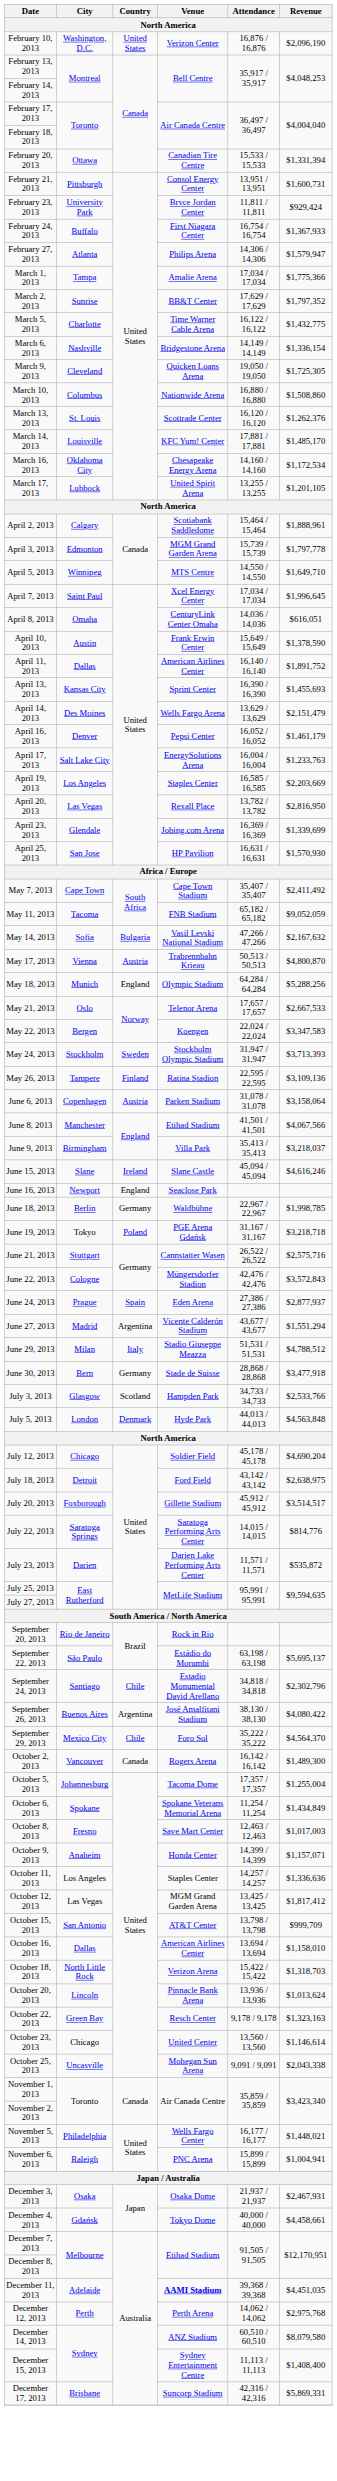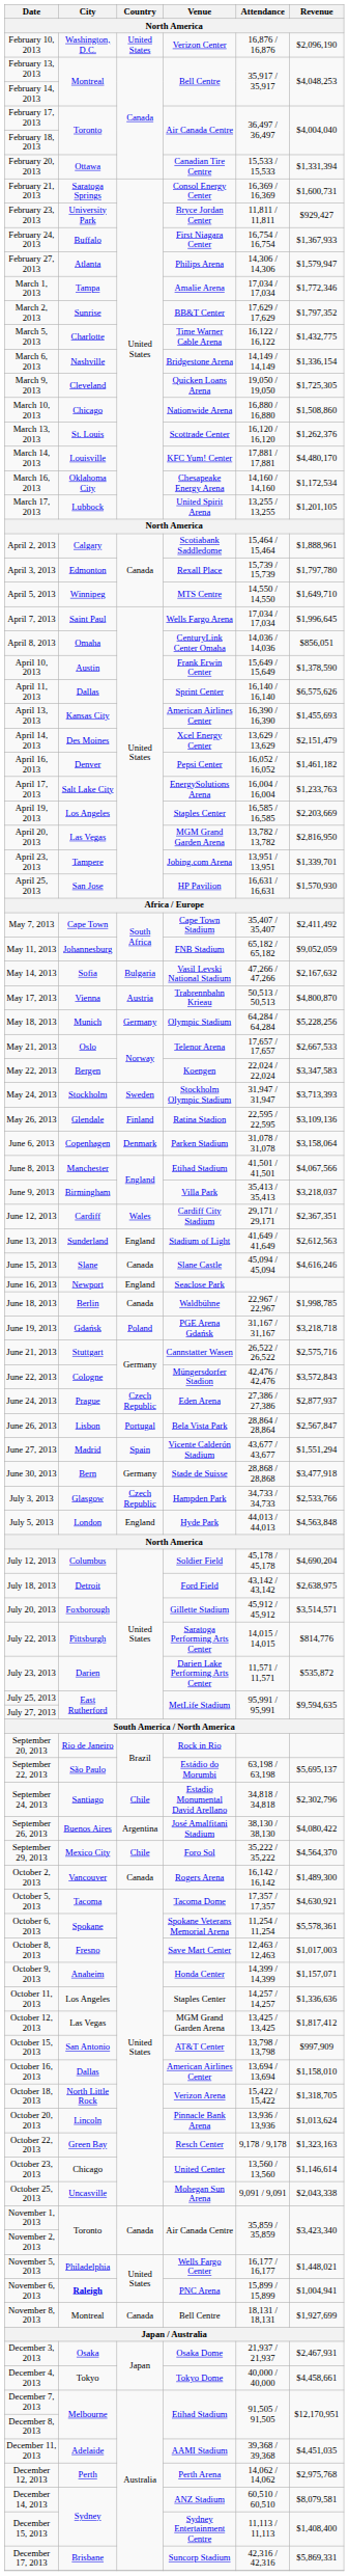 <table class="wikitable" style="text-align:center;">
 <tr>
 <th scope="col" style="width:15em;">Date</th>
 <th scope="col" style="width:10em;">City</th>
 <th scope="col" style="width:10em;">Country</th>
 <th scope="col" style="width:15em;">Venue</th>
 <th scope="col" style="width:10em;">Attendance</th>
 <th scope="col" style="width:10em;">Revenue</th>
 </tr>
 <tr>
 <th colspan="6"><strong>North America</strong></th>
 </tr>
 <tr>
 <td>February 10, 2013</td>
 <td><a href='#'>Washington, D.C.</a></td>
 <td><a href='#'>United States</a></td>
 <td><a href='#'>Verizon Center</a></td>
 <td>16,876 / 16,876</td>
 <td>$2,096,190</td>
 </tr>
 <tr>
 <td>February 13, 2013</td>
 <td rowspan="2"><a href='#'>Montreal</a></td>
 <td rowspan="5"><a href='#'>Canada</a></td>
 <td rowspan="2"><a href='#'>Bell Centre</a></td>
 <td rowspan="2">35,917 / 35,917</td>
 <td rowspan="2">$4,048,253</td>
 </tr>
 <tr>
 <td>February 14, 2013</td>
 </tr>
 <tr>
 <td>February 17, 2013</td>
 <td rowspan="2"><a href='#'>Toronto</a></td>
 <td rowspan="2"><a href='#'>Air Canada Centre</a></td>
 <td rowspan="2">36,497 / 36,497</td>
 <td rowspan="2">$4,004,040</td>
 </tr>
 <tr>
 <td>February 18, 2013</td>
 </tr>
 <tr>
 <td>February 20, 2013</td>
 <td><a href='#'>Ottawa</a></td>
 <td><a href='#'>Canadian Tire Centre</a></td>
 <td>15,533 / 15,533</td>
 <td>$1,331,394</td>
 </tr>
 <tr>
 <td>February 21, 2013</td>
-<td><a href='#'>Pittsburgh</a></td>
+<td><a href='#'>Saratoga Springs</a></td>
 <td rowspan="14">United States</td>
 <td><a href='#'>Consol Energy Center</a></td>
-<td>13,951 / 13,951</td>
+<td>16,369 / 16,369</td>
 <td>$1,600,731</td>
 </tr>
 <tr>
 <td>February 23, 2013</td>
 <td><a href='#'>University Park</a></td>
 <td><a href='#'>Bryce Jordan Center</a></td>
 <td>11,811 / 11,811</td>
-<td>$929,424</td>
+<td>$929,427</td>
 </tr>
 <tr>
 <td>February 24, 2013</td>
 <td><a href='#'>Buffalo</a></td>
 <td><a href='#'>First Niagara Center</a></td>
 <td>16,754 / 16,754</td>
 <td>$1,367,933</td>
 </tr>
 <tr>
 <td>February 27, 2013</td>
 <td><a href='#'>Atlanta</a></td>
 <td><a href='#'>Philips Arena</a></td>
 <td>14,306 / 14,306</td>
 <td>$1,579,947</td>
 </tr>
 <tr>
 <td>March 1, 2013</td>
 <td><a href='#'>Tampa</a></td>
 <td><a href='#'>Amalie Arena</a></td>
 <td>17,034 / 17,034</td>
-<td>$1,775,366</td>
+<td>$1,772,346</td>
 </tr>
 <tr>
 <td>March 2, 2013</td>
 <td><a href='#'>Sunrise</a></td>
 <td><a href='#'>BB&T Center</a></td>
 <td>17,629 / 17,629</td>
 <td>$1,797,352</td>
 </tr>
 <tr>
 <td>March 5, 2013</td>
 <td><a href='#'>Charlotte</a></td>
 <td><a href='#'>Time Warner Cable Arena</a></td>
 <td>16,122 / 16,122</td>
 <td>$1,432,775</td>
 </tr>
 <tr>
 <td>March 6, 2013</td>
 <td><a href='#'>Nashville</a></td>
 <td><a href='#'>Bridgestone Arena</a></td>
 <td>14,149 / 14,149</td>
 <td>$1,336,154</td>
 </tr>
 <tr>
 <td>March 9, 2013</td>
 <td><a href='#'>Cleveland</a></td>
 <td><a href='#'>Quicken Loans Arena</a></td>
 <td>19,050 / 19,050</td>
 <td>$1,725,305</td>
 </tr>
 <tr>
 <td>March 10, 2013</td>
-<td><a href='#'>Columbus</a></td>
+<td><a href='#'>Chicago</a></td>
 <td><a href='#'>Nationwide Arena</a></td>
 <td>16,880 / 16,880</td>
 <td>$1,508,860</td>
 </tr>
 <tr>
 <td>March 13, 2013</td>
 <td><a href='#'>St. Louis</a></td>
 <td><a href='#'>Scottrade Center</a></td>
 <td>16,120 / 16,120</td>
 <td>$1,262,376</td>
 </tr>
 <tr>
 <td>March 14, 2013</td>
 <td><a href='#'>Louisville</a></td>
 <td><a href='#'>KFC Yum! Center</a></td>
 <td>17,881 / 17,881</td>
-<td>$1,485,170</td>
+<td>$4,480,170</td>
 </tr>
 <tr>
 <td>March 16, 2013</td>
 <td><a href='#'>Oklahoma City</a></td>
 <td><a href='#'>Chesapeake Energy Arena</a></td>
 <td>14,160 / 14,160</td>
 <td>$1,172,534</td>
 </tr>
 <tr>
 <td>March 17, 2013</td>
 <td><a href='#'>Lubbock</a></td>
 <td><a href='#'>United Spirit Arena</a></td>
 <td>13,255 / 13,255</td>
 <td>$1,201,105</td>
 </tr>
 <tr>
 <th colspan="6"><strong>North America</strong></th>
 </tr>
 <tr>
 <td>April 2, 2013</td>
 <td><a href='#'>Calgary</a></td>
 <td rowspan="3">Canada</td>
 <td><a href='#'>Scotiabank Saddledome</a></td>
 <td>15,464 / 15,464</td>
 <td>$1,888,961</td>
 </tr>
 <tr>
 <td>April 3, 2013</td>
 <td><a href='#'>Edmonton</a></td>
-<td><a href='#'>MGM Grand Garden Arena</a></td>
+<td><a href='#'>Rexall Place</a></td>
 <td>15,739 / 15,739</td>
-<td>$1,797,778</td>
+<td>$1,797,780</td>
 </tr>
 <tr>
 <td>April 5, 2013</td>
 <td><a href='#'>Winnipeg</a></td>
 <td><a href='#'>MTS Centre</a></td>
 <td>14,550 / 14,550</td>
 <td>$1,649,710</td>
 </tr>
 <tr>
 <td>April 7, 2013</td>
 <td><a href='#'>Saint Paul</a></td>
 <td rowspan="12">United States</td>
-<td><a href='#'>Xcel Energy Center</a></td>
+<td><a href='#'>Wells Fargo Arena</a></td>
 <td>17,034 / 17,034</td>
 <td>$1,996,645</td>
 </tr>
 <tr>
 <td>April 8, 2013</td>
 <td><a href='#'>Omaha</a></td>
 <td><a href='#'>CenturyLink Center Omaha</a></td>
 <td>14,036 / 14,036</td>
-<td>$616,051</td>
+<td>$856,051</td>
 </tr>
 <tr>
 <td>April 10, 2013</td>
 <td><a href='#'>Austin</a></td>
 <td><a href='#'>Frank Erwin Center</a></td>
 <td>15,649 / 15,649</td>
 <td>$1,378,590</td>
 </tr>
 <tr>
 <td>April 11, 2013</td>
 <td><a href='#'>Dallas</a></td>
-<td><a href='#'>American Airlines Center</a></td>
+<td><a href='#'>Sprint Center</a></td>
 <td>16,140 / 16,140</td>
-<td>$1,891,752</td>
+<td>$6,575,626</td>
 </tr>
 <tr>
 <td>April 13, 2013</td>
 <td><a href='#'>Kansas City</a></td>
-<td><a href='#'>Sprint Center</a></td>
+<td><a href='#'>American Airlines Center</a></td>
 <td>16,390 / 16,390</td>
 <td>$1,455,693</td>
 </tr>
 <tr>
 <td>April 14, 2013</td>
 <td><a href='#'>Des Moines</a></td>
-<td><a href='#'>Wells Fargo Arena</a></td>
+<td><a href='#'>Xcel Energy Center</a></td>
 <td>13,629 / 13,629</td>
 <td>$2,151,479</td>
 </tr>
 <tr>
 <td>April 16, 2013</td>
 <td><a href='#'>Denver</a></td>
 <td><a href='#'>Pepsi Center</a></td>
 <td>16,052 / 16,052</td>
-<td>$1,461,179</td>
+<td>$1,461,182</td>
 </tr>
 <tr>
 <td>April 17, 2013</td>
 <td><a href='#'>Salt Lake City</a></td>
 <td><a href='#'>EnergySolutions Arena</a></td>
 <td>16,004 / 16,004</td>
 <td>$1,233,763</td>
 </tr>
 <tr>
 <td>April 19, 2013</td>
 <td><a href='#'>Los Angeles</a></td>
 <td><a href='#'>Staples Center</a></td>
 <td>16,585 / 16,585</td>
 <td>$2,203,669</td>
 </tr>
 <tr>
 <td>April 20, 2013</td>
 <td><a href='#'>Las Vegas</a></td>
-<td><a href='#'>Rexall Place</a></td>
+<td><a href='#'>MGM Grand Garden Arena</a></td>
 <td>13,782 / 13,782</td>
 <td>$2,816,950</td>
 </tr>
 <tr>
 <td>April 23, 2013</td>
-<td><a href='#'>Glendale</a></td>
+<td><a href='#'>Tampere</a></td>
 <td><a href='#'>Jobing.com Arena</a></td>
-<td>16,369 / 16,369</td>
-<td>$1,339,699</td>
+<td>13,951 / 13,951</td>
+<td>$1,339,701</td>
 </tr>
 <tr>
 <td>April 25, 2013</td>
 <td><a href='#'>San Jose</a></td>
 <td><a href='#'>HP Pavilion</a></td>
 <td>16,631 / 16,631</td>
 <td>$1,570,930</td>
 </tr>
 <tr>
 <th colspan="6"><strong>Africa / Europe</strong></th>
 </tr>
 <tr>
 <td>May 7, 2013</td>
 <td><a href='#'>Cape Town</a></td>
 <td rowspan="2"><a href='#'>South Africa</a></td>
 <td><a href='#'>Cape Town Stadium</a></td>
 <td>35,407 / 35,407</td>
 <td>$2,411,492</td>
 </tr>
 <tr>
 <td>May 11, 2013</td>
-<td><a href='#'>Tacoma</a></td>
+<td><a href='#'>Johannesburg</a></td>
 <td><a href='#'>FNB Stadium</a></td>
 <td>65,182 / 65,182</td>
 <td>$9,052,059</td>
 </tr>
 <tr>
 <td>May 14, 2013</td>
 <td><a href='#'>Sofia</a></td>
 <td><a href='#'>Bulgaria</a></td>
 <td><a href='#'>Vasil Levski National Stadium</a></td>
 <td>47,266 / 47,266</td>
 <td>$2,167,632</td>
 </tr>
 <tr>
 <td>May 17, 2013</td>
 <td><a href='#'>Vienna</a></td>
 <td><a href='#'>Austria</a></td>
 <td><a href='#'>Trabrennbahn Krieau</a></td>
 <td>50,513 / 50,513</td>
 <td>$4,800,870</td>
 </tr>
 <tr>
 <td>May 18, 2013</td>
 <td><a href='#'>Munich</a></td>
-<td>England</td>
+<td><a href='#'>Germany</a></td>
 <td><a href='#'>Olympic Stadium</a></td>
 <td>64,284 / 64,284</td>
-<td>$5,288,256</td>
+<td>$5,228,256</td>
 </tr>
 <tr>
 <td>May 21, 2013</td>
 <td><a href='#'>Oslo</a></td>
 <td rowspan="2"><a href='#'>Norway</a></td>
 <td><a href='#'>Telenor Arena</a></td>
 <td>17,657 / 17,657</td>
 <td>$2,667,533</td>
 </tr>
 <tr>
 <td>May 22, 2013</td>
 <td><a href='#'>Bergen</a></td>
 <td><a href='#'>Koengen</a></td>
 <td>22,024 / 22,024</td>
 <td>$3,347,583</td>
 </tr>
 <tr>
 <td>May 24, 2013</td>
 <td><a href='#'>Stockholm</a></td>
 <td><a href='#'>Sweden</a></td>
 <td><a href='#'>Stockholm Olympic Stadium</a></td>
 <td>31,947 / 31,947</td>
 <td>$3,713,393</td>
 </tr>
 <tr>
 <td>May 26, 2013</td>
-<td><a href='#'>Tampere</a></td>
+<td><a href='#'>Glendale</a></td>
 <td><a href='#'>Finland</a></td>
 <td><a href='#'>Ratina Stadion</a></td>
 <td>22,595 / 22,595</td>
 <td>$3,109,136</td>
 </tr>
 <tr>
 <td>June 6, 2013</td>
 <td><a href='#'>Copenhagen</a></td>
-<td><a href='#'>Austria</a></td>
+<td><a href='#'>Denmark</a></td>
 <td><a href='#'>Parken Stadium</a></td>
 <td>31,078 / 31,078</td>
 <td>$3,158,064</td>
 </tr>
 <tr>
 <td>June 8, 2013</td>
 <td><a href='#'>Manchester</a></td>
 <td rowspan="2"><a href='#'>England</a></td>
 <td><a href='#'>Etihad Stadium</a></td>
 <td>41,501 / 41,501</td>
 <td>$4,067,566</td>
 </tr>
 <tr>
 <td>June 9, 2013</td>
 <td><a href='#'>Birmingham</a></td>
 <td><a href='#'>Villa Park</a></td>
 <td>35,413 / 35,413</td>
 <td>$3,218,037</td>
 </tr>
 <tr>
+<td>June 12, 2013</td>
+<td><a href='#'>Cardiff</a></td>
+<td><a href='#'>Wales</a></td>
+<td><a href='#'>Cardiff City Stadium</a></td>
+<td>29,171 / 29,171</td>
+<td>$2,367,351</td>
+</tr>
+<tr>
+<td>June 13, 2013</td>
+<td><a href='#'>Sunderland</a></td>
+<td>England</td>
+<td><a href='#'>Stadium of Light</a></td>
+<td>41,649 / 41,649</td>
+<td>$2,612,563</td>
+</tr>
+<tr>
 <td>June 15, 2013</td>
 <td><a href='#'>Slane</a></td>
-<td><a href='#'>Ireland</a></td>
+<td>Canada</td>
 <td><a href='#'>Slane Castle</a></td>
 <td>45,094 / 45,094</td>
 <td>$4,616,246</td>
 </tr>
 <tr>
 <td>June 16, 2013</td>
 <td><a href='#'>Newport</a></td>
 <td>England</td>
 <td><a href='#'>Seaclose Park</a></td>
 <td></td>
 <td></td>
 </tr>
 <tr>
 <td>June 18, 2013</td>
 <td><a href='#'>Berlin</a></td>
-<td>Germany</td>
+<td>Canada</td>
 <td><a href='#'>Waldbühne</a></td>
 <td>22,967 / 22,967</td>
 <td>$1,998,785</td>
 </tr>
 <tr>
 <td>June 19, 2013</td>
-<td>Tokyo</td>
+<td><a href='#'>Gdańsk</a></td>
 <td><a href='#'>Poland</a></td>
 <td><a href='#'>PGE Arena Gdańsk</a></td>
 <td>31,167 / 31,167</td>
 <td>$3,218,718</td>
 </tr>
 <tr>
 <td>June 21, 2013</td>
 <td><a href='#'>Stuttgart</a></td>
 <td rowspan="2">Germany</td>
 <td><a href='#'>Cannstatter Wasen</a></td>
 <td>26,522 / 26,522</td>
 <td>$2,575,716</td>
 </tr>
 <tr>
 <td>June 22, 2013</td>
 <td><a href='#'>Cologne</a></td>
 <td><a href='#'>Müngersdorfer Stadion</a></td>
 <td>42,476 / 42,476</td>
 <td>$3,572,843</td>
 </tr>
 <tr>
 <td>June 24, 2013</td>
 <td><a href='#'>Prague</a></td>
-<td><a href='#'>Spain</a></td>
+<td><a href='#'>Czech Republic</a></td>
 <td><a href='#'>Eden Arena</a></td>
 <td>27,386 / 27,386</td>
 <td>$2,877,937</td>
 </tr>
 <tr>
+<td>June 26, 2013</td>
+<td><a href='#'>Lisbon</a></td>
+<td><a href='#'>Portugal</a></td>
+<td><a href='#'>Bela Vista Park</a></td>
+<td>28,864 / 28,864</td>
+<td>$2,567,847</td>
+</tr>
+<tr>
 <td>June 27, 2013</td>
 <td><a href='#'>Madrid</a></td>
-<td>Argentina</td>
+<td><a href='#'>Spain</a></td>
 <td><a href='#'>Vicente Calderón Stadium</a></td>
 <td>43,677 / 43,677</td>
 <td>$1,551,294</td>
-</tr>
-<tr>
-<td>June 29, 2013</td>
-<td><a href='#'>Milan</a></td>
-<td><a href='#'>Italy</a></td>
-<td><a href='#'>Stadio Giuseppe Meazza</a></td>
-<td>51,531 / 51,531</td>
-<td>$4,788,512</td>
 </tr>
 <tr>
 <td>June 30, 2013</td>
 <td><a href='#'>Bern</a></td>
 <td>Germany</td>
 <td><a href='#'>Stade de Suisse</a></td>
 <td>28,868 / 28,868</td>
 <td>$3,477,918</td>
 </tr>
 <tr>
 <td>July 3, 2013</td>
 <td><a href='#'>Glasgow</a></td>
-<td>Scotland</td>
+<td><a href='#'>Czech Republic</a></td>
 <td><a href='#'>Hampden Park</a></td>
 <td>34,733 / 34,733</td>
 <td>$2,533,766</td>
 </tr>
 <tr>
 <td>July 5, 2013</td>
 <td><a href='#'>London</a></td>
-<td><a href='#'>Denmark</a></td>
+<td>England</td>
 <td><a href='#'>Hyde Park</a></td>
 <td>44,013 / 44,013</td>
 <td>$4,563,848</td>
 </tr>
 <tr>
 <th colspan="6"><strong>North America</strong></th>
 </tr>
 <tr>
 <td>July 12, 2013</td>
-<td><a href='#'>Chicago</a></td>
+<td><a href='#'>Columbus</a></td>
 <td rowspan="7">United States</td>
 <td><a href='#'>Soldier Field</a></td>
 <td>45,178 / 45,178</td>
 <td>$4,690,204</td>
 </tr>
 <tr>
 <td>July 18, 2013</td>
 <td><a href='#'>Detroit</a></td>
 <td><a href='#'>Ford Field</a></td>
 <td>43,142 / 43,142</td>
 <td>$2,638,975</td>
 </tr>
 <tr>
 <td>July 20, 2013</td>
 <td><a href='#'>Foxborough</a></td>
 <td><a href='#'>Gillette Stadium</a></td>
 <td>45,912 / 45,912</td>
-<td>$3,514,517</td>
+<td>$3,514,571</td>
 </tr>
 <tr>
 <td>July 22, 2013</td>
-<td><a href='#'>Saratoga Springs</a></td>
+<td><a href='#'>Pittsburgh</a></td>
 <td><a href='#'>Saratoga Performing Arts Center</a></td>
 <td>14,015 / 14,015</td>
 <td>$814,776</td>
 </tr>
 <tr>
 <td>July 23, 2013</td>
 <td><a href='#'>Darien</a></td>
 <td><a href='#'>Darien Lake Performing Arts Center</a></td>
 <td>11,571 / 11,571</td>
 <td>$535,872</td>
 </tr>
 <tr>
 <td>July 25, 2013</td>
 <td rowspan="2"><a href='#'>East Rutherford</a></td>
 <td rowspan="2"><a href='#'>MetLife Stadium</a></td>
 <td rowspan="2">95,991 / 95,991</td>
 <td rowspan="2">$9,594,635</td>
 </tr>
 <tr>
 <td>July 27, 2013</td>
 </tr>
 <tr>
 <th colspan="6"><strong>South America / North America</strong></th>
 </tr>
 <tr>
 <td>September 20, 2013</td>
 <td><a href='#'>Rio de Janeiro</a></td>
 <td rowspan="2">Brazil</td>
 <td><a href='#'>Rock in Rio</a></td>
 <td></td>
 <td></td>
 </tr>
 <tr>
 <td>September 22, 2013</td>
 <td><a href='#'>São Paulo</a></td>
 <td><a href='#'>Estádio do Morumbi</a></td>
 <td>63,198 / 63,198</td>
 <td>$5,695,137</td>
 </tr>
 <tr>
 <td>September 24, 2013</td>
 <td><a href='#'>Santiago</a></td>
 <td><a href='#'>Chile</a></td>
 <td><a href='#'>Estadio Monumental David Arellano</a></td>
 <td>34,818 / 34,818</td>
 <td>$2,302,796</td>
 </tr>
 <tr>
 <td>September 26, 2013</td>
 <td><a href='#'>Buenos Aires</a></td>
 <td>Argentina</td>
 <td><a href='#'>José Amalfitani Stadium</a></td>
 <td>38,130 / 38,130</td>
 <td>$4,080,422</td>
 </tr>
 <tr>
 <td>September 29, 2013</td>
 <td><a href='#'>Mexico City</a></td>
 <td><a href='#'>Chile</a></td>
 <td><a href='#'>Foro Sol</a></td>
 <td>35,222 / 35,222</td>
 <td>$4,564,370</td>
 </tr>
 <tr>
 <td>October 2, 2013</td>
 <td><a href='#'>Vancouver</a></td>
 <td>Canada</td>
 <td><a href='#'>Rogers Arena</a></td>
 <td>16,142 / 16,142</td>
 <td>$1,489,300</td>
 </tr>
 <tr>
 <td>October 5, 2013</td>
-<td><a href='#'>Johannesburg</a></td>
+<td><a href='#'>Tacoma</a></td>
 <td rowspan="13">United States</td>
 <td><a href='#'>Tacoma Dome</a></td>
 <td>17,357 / 17,357</td>
-<td>$1,255,004</td>
+<td>$4,630,921</td>
 </tr>
 <tr>
 <td>October 6, 2013</td>
 <td><a href='#'>Spokane</a></td>
 <td><a href='#'>Spokane Veterans Memorial Arena</a></td>
 <td>11,254 / 11,254</td>
-<td>$1,434,849</td>
+<td>$5,578,361</td>
 </tr>
 <tr>
 <td>October 8, 2013</td>
 <td><a href='#'>Fresno</a></td>
 <td><a href='#'>Save Mart Center</a></td>
 <td>12,463 / 12,463</td>
 <td>$1,017,003</td>
 </tr>
 <tr>
 <td>October 9, 2013</td>
 <td><a href='#'>Anaheim</a></td>
 <td><a href='#'>Honda Center</a></td>
 <td>14,399 / 14,399</td>
 <td>$1,157,071</td>
 </tr>
 <tr>
 <td>October 11, 2013</td>
 <td>Los Angeles</td>
 <td>Staples Center</td>
 <td>14,257 / 14,257</td>
 <td>$1,336,636</td>
 </tr>
 <tr>
 <td>October 12, 2013</td>
 <td>Las Vegas</td>
 <td>MGM Grand Garden Arena</td>
 <td>13,425 / 13,425</td>
 <td>$1,817,412</td>
 </tr>
 <tr>
 <td>October 15, 2013</td>
 <td><a href='#'>San Antonio</a></td>
 <td><a href='#'>AT&T Center</a></td>
 <td>13,798 / 13,798</td>
-<td>$999,709</td>
+<td>$997,909</td>
 </tr>
 <tr>
 <td>October 16, 2013</td>
 <td><a href='#'>Dallas</a></td>
 <td><a href='#'>American Airlines Center</a></td>
 <td>13,694 / 13,694</td>
 <td>$1,158,010</td>
 </tr>
 <tr>
 <td>October 18, 2013</td>
 <td><a href='#'>North Little Rock</a></td>
 <td><a href='#'>Verizon Arena</a></td>
 <td>15,422 / 15,422</td>
-<td>$1,318,703</td>
+<td>$1,318,705</td>
 </tr>
 <tr>
 <td>October 20, 2013</td>
 <td><a href='#'>Lincoln</a></td>
 <td><a href='#'>Pinnacle Bank Arena</a></td>
 <td>13,936 / 13,936</td>
 <td>$1,013,624</td>
 </tr>
 <tr>
 <td>October 22, 2013</td>
 <td><a href='#'>Green Bay</a></td>
 <td><a href='#'>Resch Center</a></td>
 <td>9,178 / 9,178</td>
 <td>$1,323,163</td>
 </tr>
 <tr>
 <td>October 23, 2013</td>
 <td>Chicago</td>
 <td><a href='#'>United Center</a></td>
 <td>13,560 / 13,560</td>
 <td>$1,146,614</td>
 </tr>
 <tr>
 <td>October 25, 2013</td>
 <td><a href='#'>Uncasville</a></td>
 <td><a href='#'>Mohegan Sun Arena</a></td>
 <td>9,091 / 9,091</td>
 <td>$2,043,338</td>
 </tr>
 <tr>
 <td>November 1, 2013</td>
 <td rowspan="2">Toronto</td>
 <td rowspan="2">Canada</td>
 <td rowspan="2">Air Canada Centre</td>
 <td rowspan="2">35,859 / 35,859</td>
 <td rowspan="2">$3,423,340</td>
 </tr>
 <tr>
 <td>November 2, 2013</td>
 </tr>
 <tr>
 <td>November 5, 2013</td>
 <td><a href='#'>Philadelphia</a></td>
 <td rowspan="2">United States</td>
 <td><a href='#'>Wells Fargo Center</a></td>
 <td>16,177 / 16,177</td>
 <td>$1,448,021</td>
 </tr>
 <tr>
 <td>November 6, 2013</td>
-<td><a href='#'>Raleigh</a></td>
+<td><strong><a href='#'>Raleigh</a></strong></td>
 <td><a href='#'>PNC Arena</a></td>
 <td>15,899 / 15,899</td>
 <td>$1,004,941</td>
+</tr>
+<tr>
+<td>November 8, 2013</td>
+<td>Montreal</td>
+<td rowspan="1">Canada</td>
+<td>Bell Centre</td>
+<td>18,131 / 18,131</td>
+<td>$1,927,699</td>
 </tr>
 <tr>
 <th colspan="6"><strong>Japan / Australia</strong></th>
 </tr>
 <tr>
 <td>December 3, 2013</td>
 <td><a href='#'>Osaka</a></td>
 <td rowspan=2>Japan</td>
 <td><a href='#'>Osaka Dome</a></td>
 <td>21,937 / 21,937</td>
 <td>$2,467,931</td>
 </tr>
 <tr>
 <td>December 4, 2013</td>
-<td><a href='#'>Gdańsk</a></td>
+<td>Tokyo</td>
 <td><a href='#'>Tokyo Dome</a></td>
 <td>40,000 / 40,000</td>
 <td>$4,458,661</td>
 </tr>
 <tr>
 <td>December 7, 2013</td>
 <td rowspan=2><a href='#'>Melbourne</a></td>
 <td rowspan=7>Australia</td>
 <td rowspan=2><a href='#'>Etihad Stadium</a></td>
 <td rowspan=2>91,505 / 91,505</td>
 <td rowspan=2>$12,170,951</td>
 </tr>
 <tr>
 <td>December 8, 2013</td>
 </tr>
 <tr>
 <td>December 11, 2013</td>
 <td><a href='#'>Adelaide</a></td>
-<td><strong><a href='#'>AAMI Stadium</a></strong></td>
+<td><a href='#'>AAMI Stadium</a></td>
 <td>39,368 / 39,368</td>
 <td>$4,451,035</td>
 </tr>
 <tr>
 <td>December 12, 2013</td>
 <td><a href='#'>Perth</a></td>
 <td><a href='#'>Perth Arena</a></td>
 <td>14,062 / 14,062</td>
 <td>$2,975,768</td>
 </tr>
 <tr>
 <td>December 14, 2013</td>
 <td rowspan=2><a href='#'>Sydney</a></td>
 <td><a href='#'>ANZ Stadium</a></td>
 <td>60,510 / 60,510</td>
-<td>$8,079,580</td>
+<td>$8,079,581</td>
 </tr>
 <tr>
 <td>December 15, 2013</td>
 <td><a href='#'>Sydney Entertainment Centre</a></td>
 <td>11,113 / 11,113</td>
 <td>$1,408,400</td>
 </tr>
 <tr>
 <td>December 17, 2013</td>
 <td><a href='#'>Brisbane</a></td>
 <td><a href='#'>Suncorp Stadium</a></td>
 <td>42,316 / 42,316</td>
 <td>$5,869,331</td>
 </tr>
 <tr>
 </tr>
 </table>
